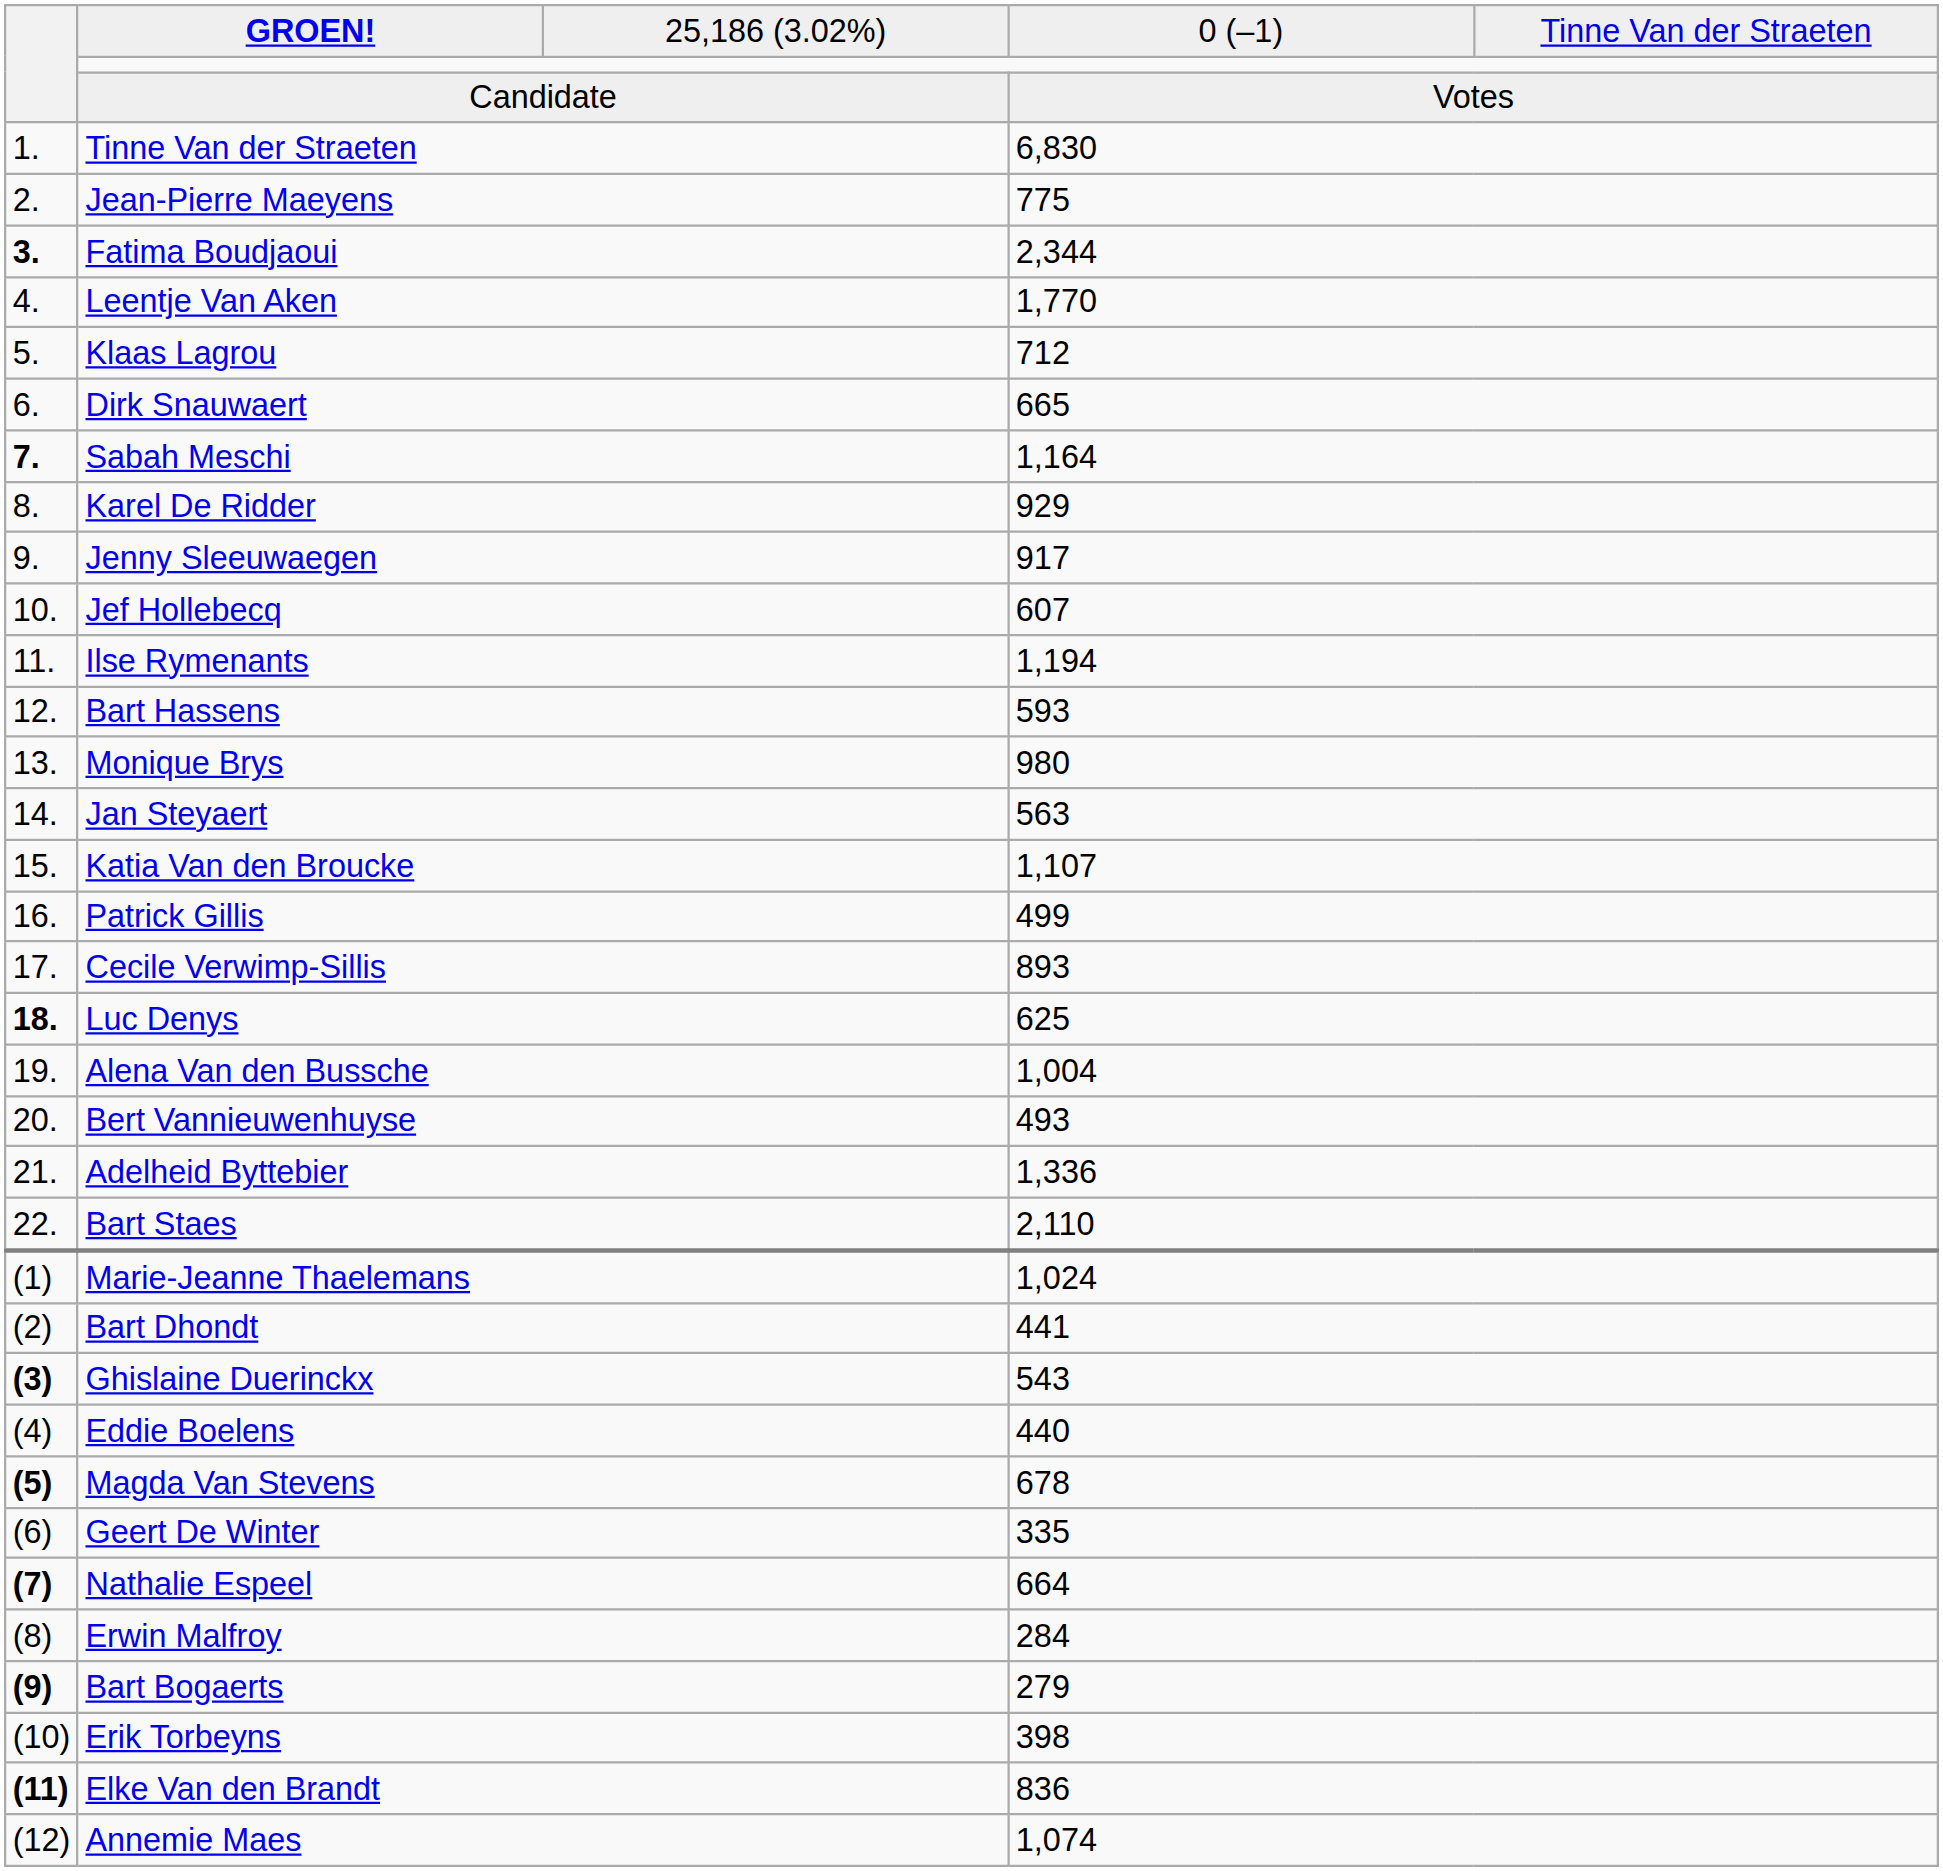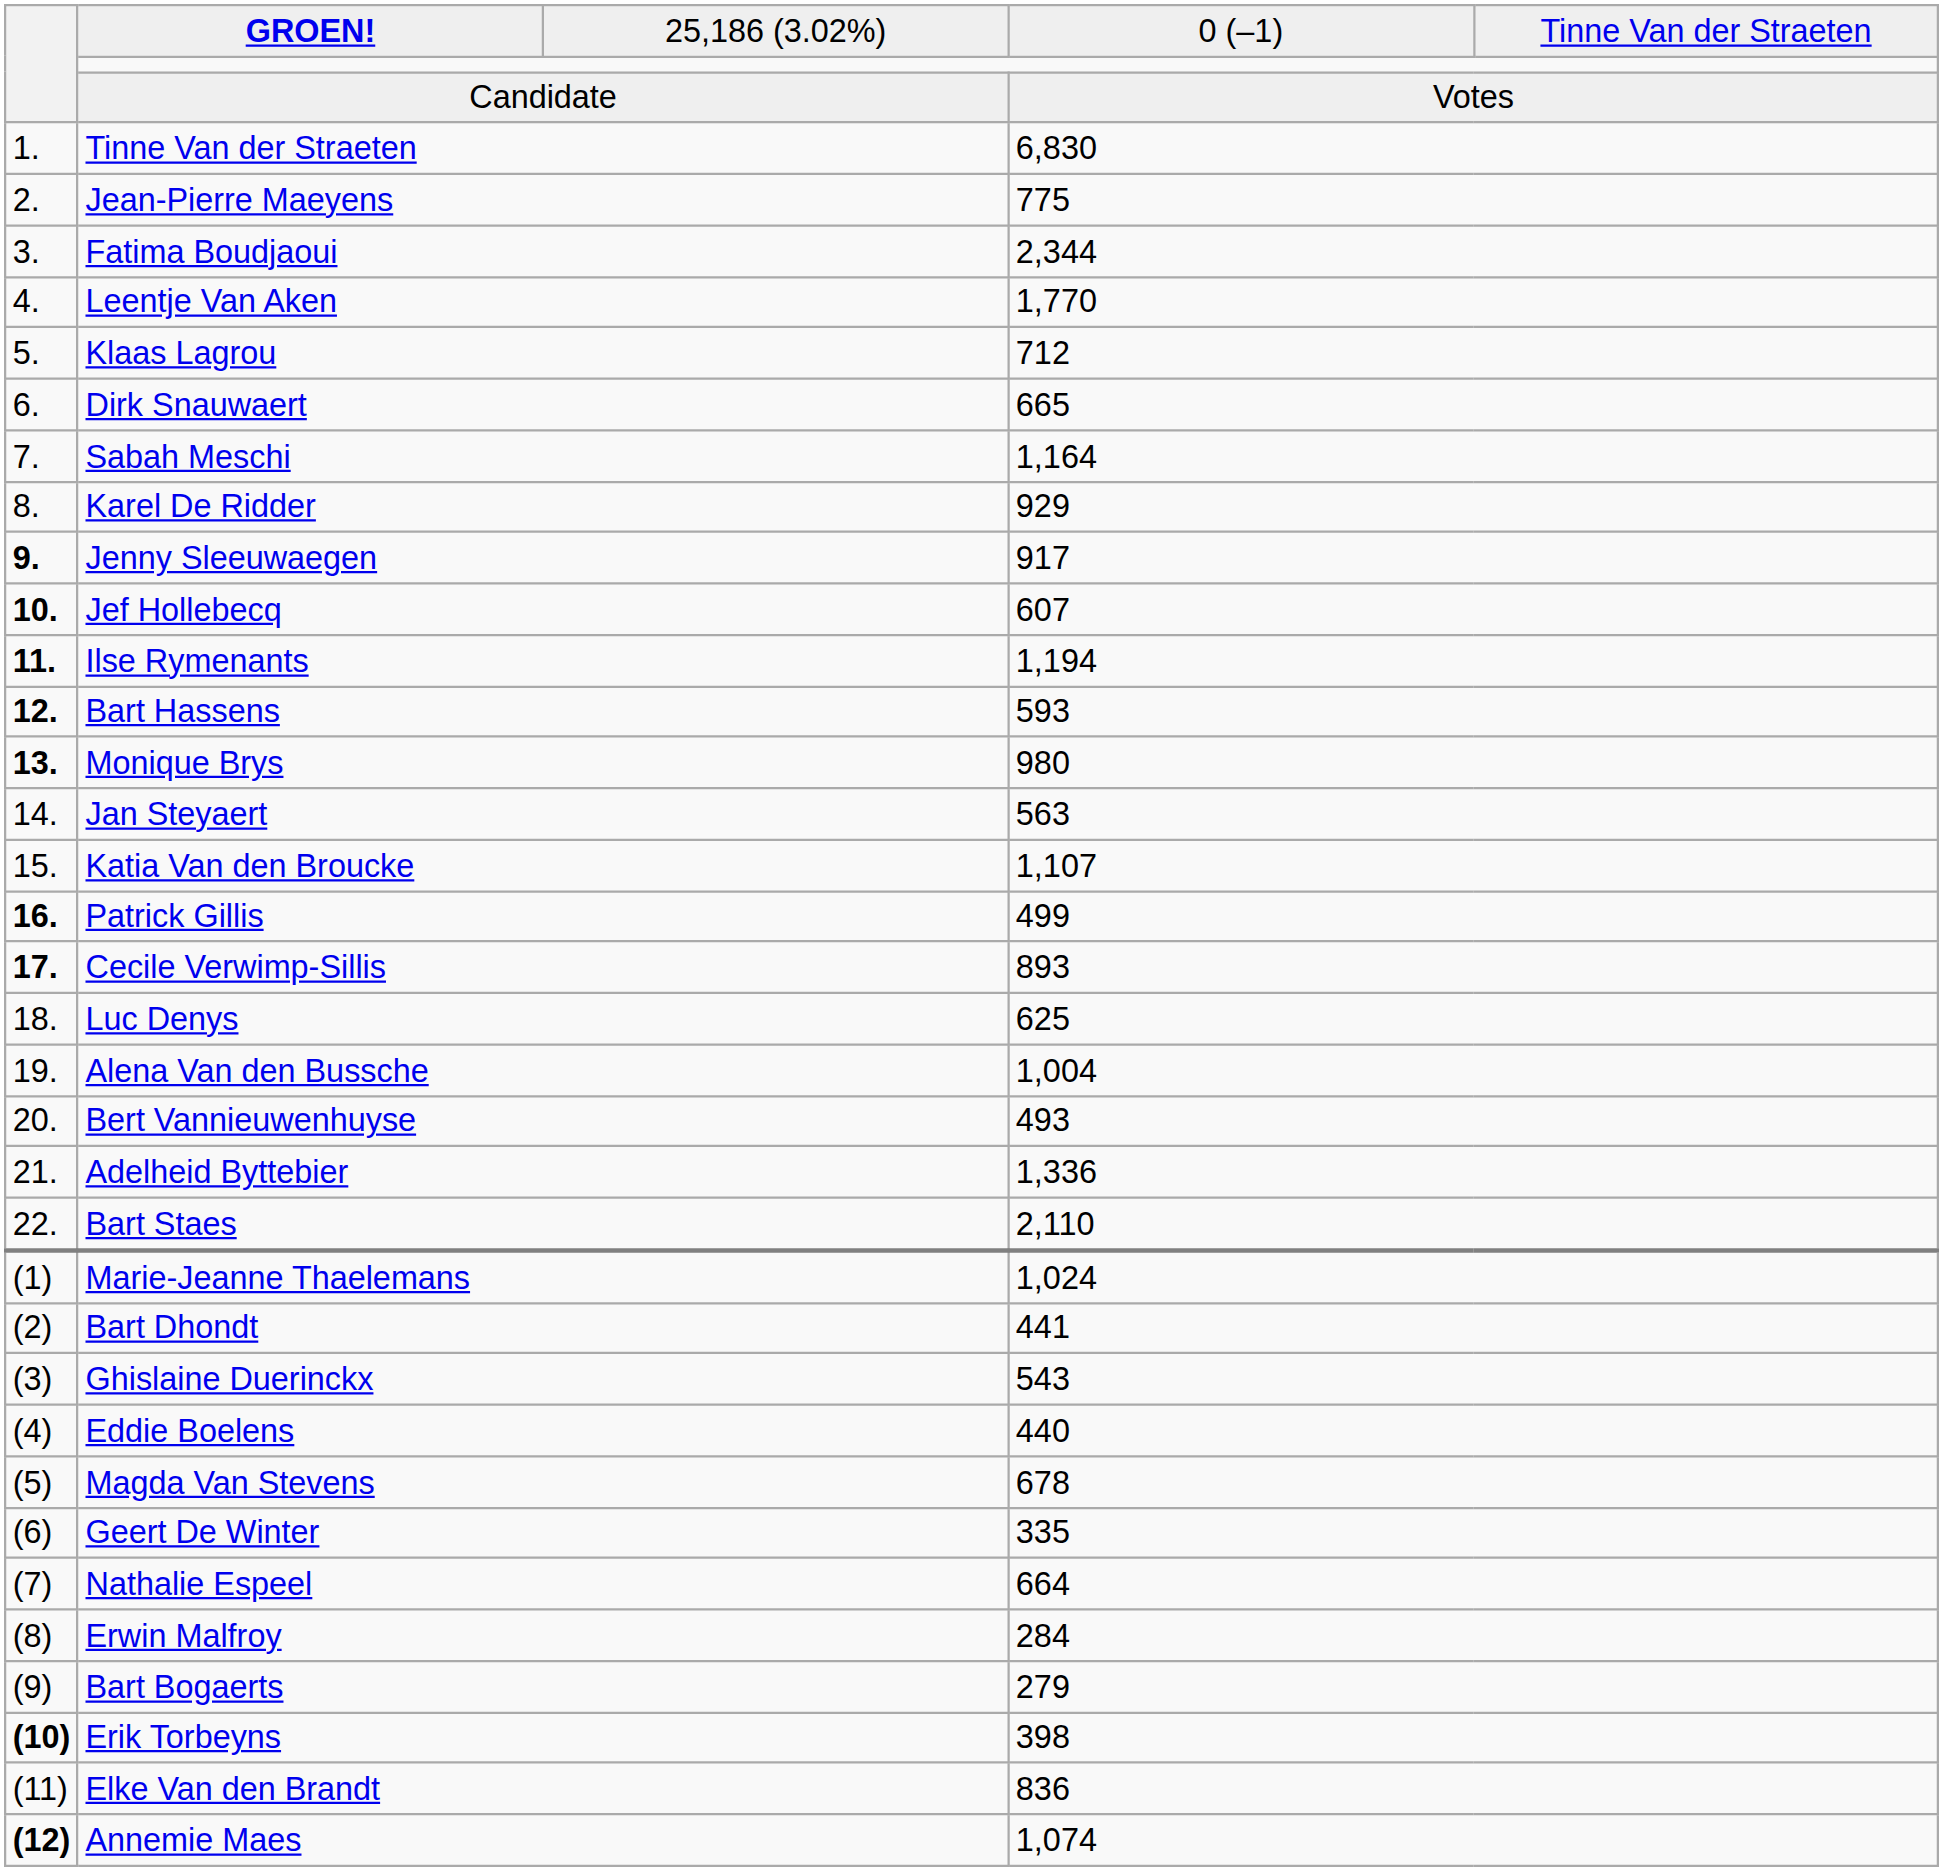 <table class="wikitable collapsible collapsed" style=text-align:left;font-size:90%>
 <tr>
 <th rowspan=3></th>
 <td bgcolor=efefef width=200 align=center><strong> <a href='#'>GROEN!</a></strong></td>
 <td bgcolor=efefef width=200 align=center>25,186 (3.02%)</td>
 <td bgcolor=efefef width=200 align=center>0 (–1)</td>
 <td bgcolor=efefef width=200 align=center><a href='#'>Tinne Van der Straeten</a></td>
 </tr>
 <tr>
 <td colspan=4 bgcolor=></td>
 </tr>
 <tr>
 <td bgcolor=efefef align=center colspan=2>Candidate</td>
 <td bgcolor=efefef align=center colspan=2>Votes</td>
 </tr>
 <tr>
 <td>1.</td>
 <td colspan=2><a href='#'>Tinne Van der Straeten</a></td>
 <td colspan=2>6,830</td>
 </tr>
 <tr>
 <td>2.</td>
 <td colspan=2><a href='#'>Jean-Pierre Maeyens</a></td>
 <td colspan=2>775</td>
 </tr>
 <tr>
-<td><strong>3.</strong></td>
+<td>3.</td>
 <td colspan=2><a href='#'>Fatima Boudjaoui</a></td>
 <td colspan=2>2,344</td>
 </tr>
 <tr>
 <td>4.</td>
 <td colspan=2><a href='#'>Leentje Van Aken</a></td>
 <td colspan=2>1,770</td>
 </tr>
 <tr>
 <td>5.</td>
 <td colspan=2><a href='#'>Klaas Lagrou</a></td>
 <td colspan=2>712</td>
 </tr>
 <tr>
 <td>6.</td>
 <td colspan=2><a href='#'>Dirk Snauwaert</a></td>
 <td colspan=2>665</td>
 </tr>
 <tr>
-<td><strong>7.</strong></td>
+<td>7.</td>
 <td colspan=2><a href='#'>Sabah Meschi</a></td>
 <td colspan=2>1,164</td>
 </tr>
 <tr>
 <td>8.</td>
 <td colspan=2><a href='#'>Karel De Ridder</a></td>
 <td colspan=2>929</td>
 </tr>
 <tr>
-<td>9.</td>
+<td><strong>9.</strong></td>
 <td colspan=2><a href='#'>Jenny Sleeuwaegen</a></td>
 <td colspan=2>917</td>
 </tr>
 <tr>
-<td>10.</td>
+<td><strong>10.</strong></td>
 <td colspan=2><a href='#'>Jef Hollebecq</a></td>
 <td colspan=2>607</td>
 </tr>
 <tr>
-<td>11.</td>
+<td><strong>11.</strong></td>
 <td colspan=2><a href='#'>Ilse Rymenants</a></td>
 <td colspan=2>1,194</td>
 </tr>
 <tr>
-<td>12.</td>
+<td><strong>12.</strong></td>
 <td colspan=2><a href='#'>Bart Hassens</a></td>
 <td colspan=2>593</td>
 </tr>
 <tr>
-<td>13.</td>
+<td><strong>13.</strong></td>
 <td colspan=2><a href='#'>Monique Brys</a></td>
 <td colspan=2>980</td>
 </tr>
 <tr>
 <td>14.</td>
 <td colspan=2><a href='#'>Jan Steyaert</a></td>
 <td colspan=2>563</td>
 </tr>
 <tr>
 <td>15.</td>
 <td colspan=2><a href='#'>Katia Van den Broucke</a></td>
 <td colspan=2>1,107</td>
 </tr>
 <tr>
-<td>16.</td>
+<td><strong>16.</strong></td>
 <td colspan=2><a href='#'>Patrick Gillis</a></td>
 <td colspan=2>499</td>
 </tr>
 <tr>
-<td>17.</td>
+<td><strong>17.</strong></td>
 <td colspan=2><a href='#'>Cecile Verwimp-Sillis</a></td>
 <td colspan=2>893</td>
 </tr>
 <tr>
-<td><strong>18.</strong></td>
+<td>18.</td>
 <td colspan=2><a href='#'>Luc Denys</a></td>
 <td colspan=2>625</td>
 </tr>
 <tr>
 <td>19.</td>
 <td colspan=2><a href='#'>Alena Van den Bussche</a></td>
 <td colspan=2>1,004</td>
 </tr>
 <tr>
 <td>20.</td>
 <td colspan=2><a href='#'>Bert Vannieuwenhuyse</a></td>
 <td colspan=2>493</td>
 </tr>
 <tr>
 <td>21.</td>
 <td colspan=2><a href='#'>Adelheid Byttebier</a></td>
 <td colspan=2>1,336</td>
 </tr>
 <tr>
 <td>22.</td>
 <td colspan=2><a href='#'>Bart Staes</a></td>
 <td colspan=2>2,110</td>
 </tr>
 <tr style="border-top:2px solid gray;">
 <td>(1)</td>
 <td colspan=2><a href='#'>Marie-Jeanne Thaelemans</a></td>
 <td colspan=2>1,024</td>
 </tr>
 <tr>
 <td>(2)</td>
 <td colspan=2><a href='#'>Bart Dhondt</a></td>
 <td colspan=2>441</td>
 </tr>
 <tr>
-<td><strong>(3)</strong></td>
+<td>(3)</td>
 <td colspan=2><a href='#'>Ghislaine Duerinckx</a></td>
 <td colspan=2>543</td>
 </tr>
 <tr>
 <td>(4)</td>
 <td colspan=2><a href='#'>Eddie Boelens</a></td>
 <td colspan=2>440</td>
 </tr>
 <tr>
-<td><strong>(5)</strong></td>
+<td>(5)</td>
 <td colspan=2><a href='#'>Magda Van Stevens</a></td>
 <td colspan=2>678</td>
 </tr>
 <tr>
 <td>(6)</td>
 <td colspan=2><a href='#'>Geert De Winter</a></td>
 <td colspan=2>335</td>
 </tr>
 <tr>
-<td><strong>(7)</strong></td>
+<td>(7)</td>
 <td colspan=2><a href='#'>Nathalie Espeel</a></td>
 <td colspan=2>664</td>
 </tr>
 <tr>
 <td>(8)</td>
 <td colspan=2><a href='#'>Erwin Malfroy</a></td>
 <td colspan=2>284</td>
 </tr>
 <tr>
-<td><strong>(9)</strong></td>
+<td>(9)</td>
 <td colspan=2><a href='#'>Bart Bogaerts</a></td>
 <td colspan=2>279</td>
 </tr>
 <tr>
-<td>(10)</td>
+<td><strong>(10)</strong></td>
 <td colspan=2><a href='#'>Erik Torbeyns</a></td>
 <td colspan=2>398</td>
 </tr>
 <tr>
-<td><strong>(11)</strong></td>
+<td>(11)</td>
 <td colspan=2><a href='#'>Elke Van den Brandt</a></td>
 <td colspan=2>836</td>
 </tr>
 <tr>
-<td>(12)</td>
+<td><strong>(12)</strong></td>
 <td colspan=2><a href='#'>Annemie Maes</a></td>
 <td colspan=2>1,074</td>
 </tr>
 </table>
